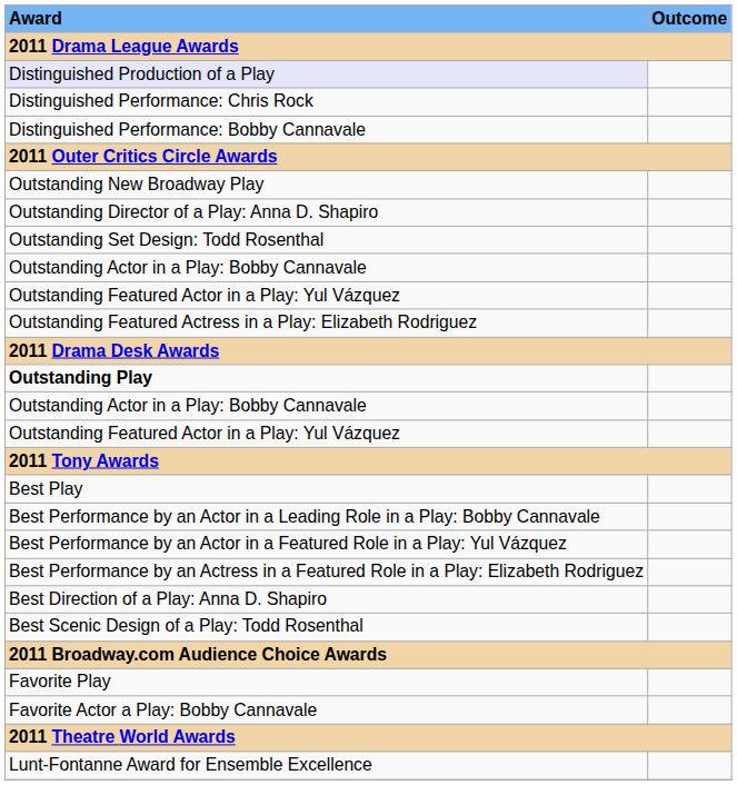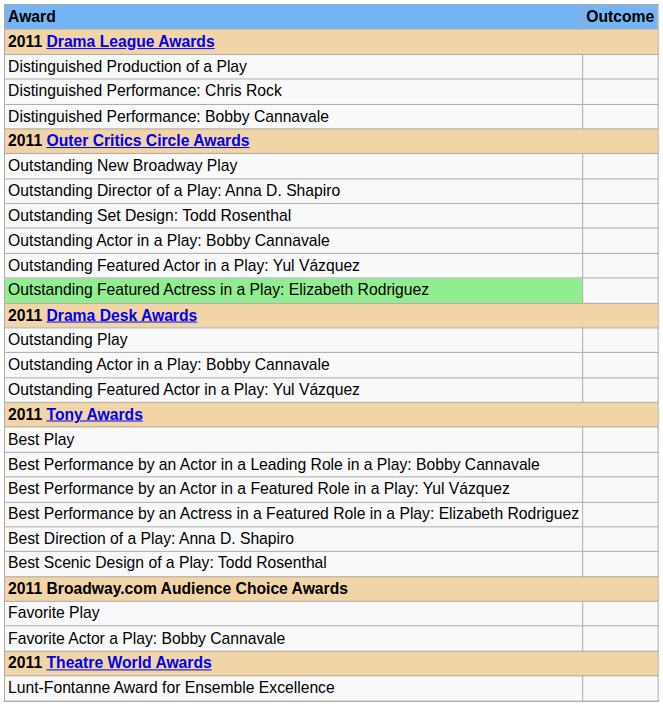 <table class="wikitable">
 <tr>
 <td bgcolor="#75B5F6"><strong>Award</strong></td>
 <td bgcolor="#75B5F6"><strong>Outcome</strong></td>
 </tr>
 <tr>
 <td colspan="3" bgcolor="#F2D5A6"><strong>2011 <a href='#'>Drama League Awards</a></strong></td>
 </tr>
 <tr>
-<td style="background: lavender;">Distinguished Production of a Play</td>
+<td>Distinguished Production of a Play</td>
 <td></td>
 </tr>
 <tr>
 <td>Distinguished Performance: Chris Rock</td>
 <td></td>
 </tr>
 <tr>
 <td>Distinguished Performance: Bobby Cannavale</td>
 <td></td>
 </tr>
 <tr>
 <td colspan="3" bgcolor="#F2D5A6"><strong>2011 <a href='#'>Outer Critics Circle Awards</a></strong></td>
 </tr>
 <tr>
 <td>Outstanding New Broadway Play</td>
 <td></td>
 </tr>
 <tr>
 <td>Outstanding Director of a Play: Anna D. Shapiro</td>
 <td></td>
 </tr>
 <tr>
 <td>Outstanding Set Design: Todd Rosenthal</td>
 <td></td>
 </tr>
 <tr>
 <td>Outstanding Actor in a Play: Bobby Cannavale</td>
 <td></td>
 </tr>
 <tr>
 <td>Outstanding Featured Actor in a Play: Yul Vázquez</td>
 <td></td>
 </tr>
 <tr>
-<td>Outstanding Featured Actress in a Play: Elizabeth Rodriguez</td>
+<td style="background: lightgreen;">Outstanding Featured Actress in a Play: Elizabeth Rodriguez</td>
 <td></td>
 </tr>
 <tr>
 <td colspan="3" bgcolor="#F2D5A6"><strong>2011 <a href='#'>Drama Desk Awards</a></strong></td>
 </tr>
 <tr>
-<td><strong>Outstanding Play</strong></td>
+<td>Outstanding Play</td>
 <td></td>
 </tr>
 <tr>
 <td>Outstanding Actor in a Play: Bobby Cannavale</td>
 <td></td>
 </tr>
 <tr>
 <td>Outstanding Featured Actor in a Play: Yul Vázquez</td>
 <td></td>
 </tr>
 <tr>
 <td colspan="3" bgcolor="#F2D5A6"><strong>2011 <a href='#'>Tony Awards</a></strong></td>
 </tr>
 <tr>
 <td>Best Play</td>
 <td></td>
 </tr>
 <tr>
 <td>Best Performance by an Actor in a Leading Role in a Play: Bobby Cannavale</td>
 <td></td>
 </tr>
 <tr>
 <td>Best Performance by an Actor in a Featured Role in a Play: Yul Vázquez</td>
 <td></td>
 </tr>
 <tr>
 <td>Best Performance by an Actress in a Featured Role in a Play: Elizabeth Rodriguez</td>
 <td></td>
 </tr>
 <tr>
 <td>Best Direction of a Play: Anna D. Shapiro</td>
 <td></td>
 </tr>
 <tr>
 <td>Best Scenic Design of a Play: Todd Rosenthal</td>
 <td></td>
 </tr>
 <tr>
 <td colspan="3" bgcolor="#F2D5A6"><strong>2011 Broadway.com Audience Choice Awards</strong></td>
 </tr>
 <tr>
 <td>Favorite Play</td>
 <td></td>
 </tr>
 <tr>
 <td>Favorite Actor a Play: Bobby Cannavale</td>
 <td></td>
 </tr>
 <tr>
 <td colspan="3" bgcolor="#F2D5A6"><strong>2011 <a href='#'>Theatre World Awards</a></strong></td>
 </tr>
 <tr>
 <td>Lunt-Fontanne Award for Ensemble Excellence</td>
 <td></td>
 </tr>
 <tr>
 </tr>
 </table>
